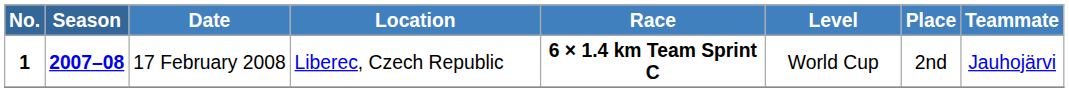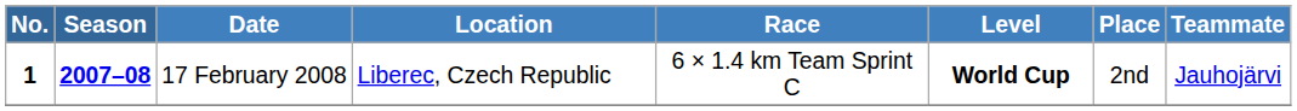 <table class="wikitable sortable" style="font-size:95%; text-align:center; border:grey solid 1px; border-collapse:collapse; background:#ffffff;">
 <tr style="background:#efefef;">
 <th style="background-color:#369; color:white;">No.</th>
 <th style="background-color:#369; color:white;">Season</th>
 <th style="background-color:#4180be; color:white; width:120px;">Date</th>
 <th style="background-color:#4180be; color:white; width:190px;">Location</th>
 <th style="background-color:#4180be; color:white; width:170px;">Race</th>
 <th style="background-color:#4180be; color:white; width:100px;">Level</th>
 <th style="background-color:#4180be; color:white;">Place</th>
 <th style="background-color:#4180be; color:white;">Teammate</th>
 </tr>
 <tr>
 <td align=center><strong>1</strong></td>
 <td rowspan=1 align=center><strong><a href='#'>2007–08</a></strong></td>
 <td align=right>17 February 2008</td>
 <td align=left> <a href='#'>Liberec</a>, Czech Republic</td>
-<td><strong>6 × 1.4 km Team Sprint C</strong></td>
-<td>World Cup</td>
+<td>6 × 1.4 km Team Sprint C</td>
+<td><strong>World Cup</strong></td>
 <td>2nd</td>
 <td><a href='#'>Jauhojärvi</a></td>
 </tr>
 <tr>
 </tr>
 </table>
